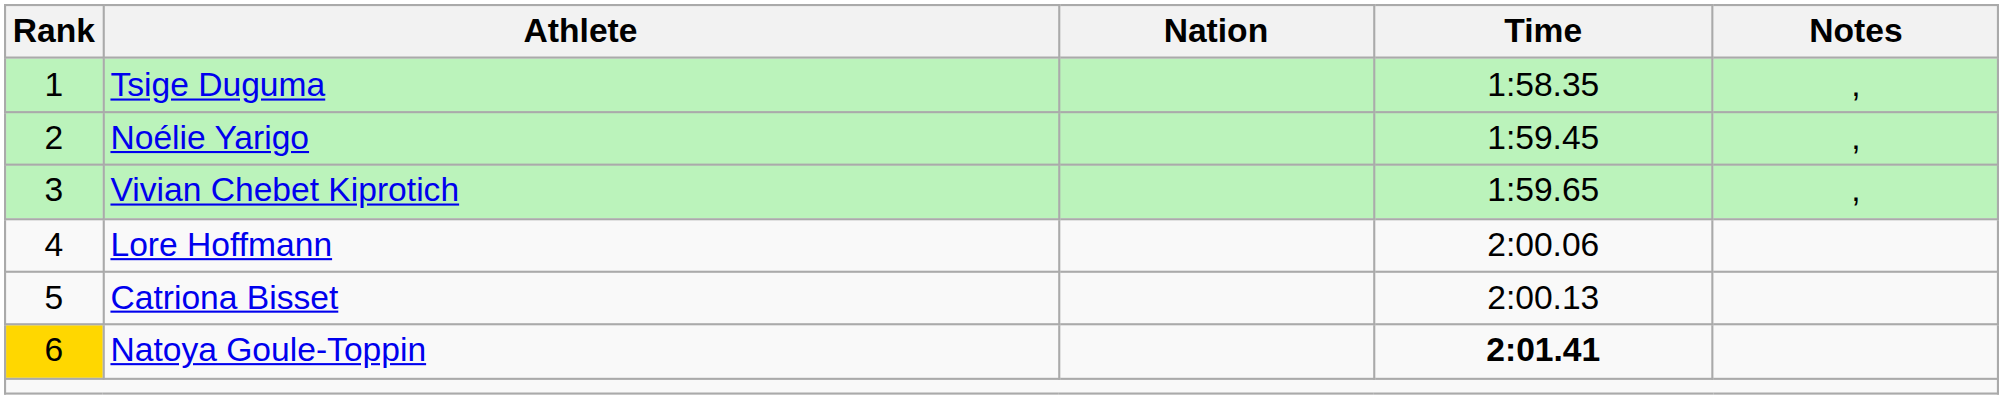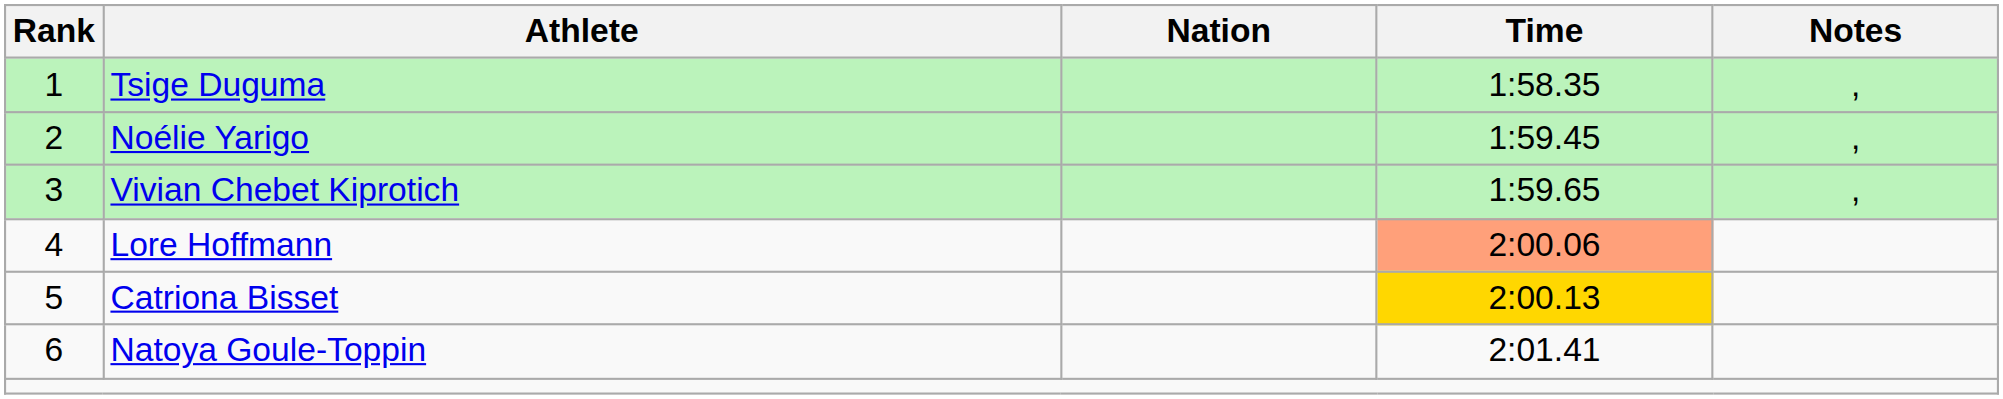 <table class="wikitable sortable" style="text-align:center;width: 60%;">
 <tr>
 <th scope="col" style="width: 10px;">Rank</th>
 <th scope="col">Athlete</th>
 <th scope="col">Nation</th>
 <th scope="col">Time</th>
 <th scope="col">Notes</th>
 </tr>
 <tr bgcolor=bbf3bb>
 <td>1</td>
 <td align=left><a href='#'>Tsige Duguma</a></td>
 <td align=left></td>
 <td>1:58.35</td>
 <td>, </td>
 </tr>
 <tr bgcolor=bbf3bb>
 <td>2</td>
 <td align=left><a href='#'>Noélie Yarigo</a></td>
 <td align=left></td>
 <td>1:59.45</td>
 <td>, </td>
 </tr>
 <tr bgcolor=bbf3bb>
 <td>3</td>
 <td align=left><a href='#'>Vivian Chebet Kiprotich</a></td>
 <td align=left></td>
 <td>1:59.65</td>
 <td>, </td>
 </tr>
 <tr>
 <td>4</td>
 <td align=left><a href='#'>Lore Hoffmann</a></td>
 <td align=left></td>
-<td>2:00.06</td>
+<td style="background: lightsalmon;">2:00.06</td>
 <td></td>
 </tr>
 <tr>
 <td>5</td>
 <td align=left><a href='#'>Catriona Bisset</a></td>
 <td align=left></td>
-<td>2:00.13</td>
+<td style="background: gold;">2:00.13</td>
 <td></td>
 </tr>
 <tr>
-<td style="background: gold;">6</td>
+<td>6</td>
 <td align=left><a href='#'>Natoya Goule-Toppin</a></td>
 <td align=left></td>
-<td><strong>2:01.41</strong></td>
+<td>2:01.41</td>
 <td></td>
 </tr>
 <tr class="sortbottom">
 <td colspan="5"></td>
 </tr>
 </table>
